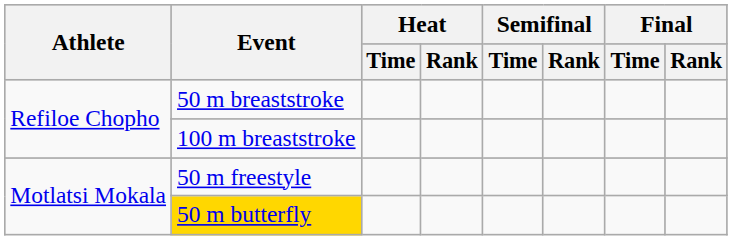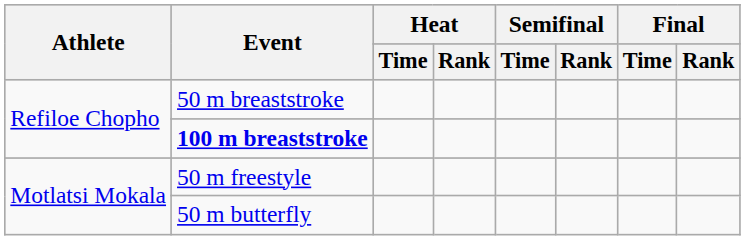 <table class="wikitable" style="text-align:center; font-size:90%">
 <tr>
 <th rowspan="2">Athlete</th>
 <th rowspan="2">Event</th>
 <th colspan="2">Heat</th>
 <th colspan="2">Semifinal</th>
 <th colspan="2">Final</th>
 </tr>
 <tr style="font-size:95%">
 <th>Time</th>
 <th>Rank</th>
 <th>Time</th>
 <th>Rank</th>
 <th>Time</th>
 <th>Rank</th>
 </tr>
 <tr>
 <td align=left rowspan=2><a href='#'>Refiloe Chopho</a></td>
 <td align=left><a href='#'>50 m breaststroke</a></td>
 <td></td>
 <td></td>
 <td></td>
 <td></td>
 <td></td>
 <td></td>
 </tr>
 <tr>
-<td align=left><a href='#'>100 m breaststroke</a></td>
+<td align=left><strong><a href='#'>100 m breaststroke</a></strong></td>
 <td></td>
 <td></td>
 <td></td>
 <td></td>
 <td></td>
 <td></td>
 </tr>
 <tr>
 <td align=left rowspan=2><a href='#'>Motlatsi Mokala</a></td>
 <td align=left><a href='#'>50 m freestyle</a></td>
 <td></td>
 <td></td>
 <td></td>
 <td></td>
 <td></td>
 <td></td>
 </tr>
 <tr>
-<td align=left style="background: gold;"><a href='#'>50 m butterfly</a></td>
+<td align=left><a href='#'>50 m butterfly</a></td>
 <td></td>
 <td></td>
 <td></td>
 <td></td>
 <td></td>
 <td></td>
 </tr>
 </table>
